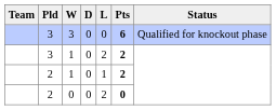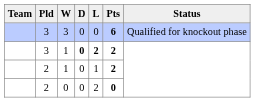 <table style=border-collapse:collapse border=1 cellspacing=0 cellpadding=5>
 <tr align=center bgcolor=#efefef>
 <th>Team</th>
 <th>Pld</th>
 <th>W</th>
 <th>D</th>
 <th>L</th>
 <th>Pts</th>
 <th>Status</th>
 </tr>
 <tr align=center style="background:#bbccff;">
 <td style="text-align:left;"> </td>
 <td>3</td>
 <td>3</td>
 <td>0</td>
 <td>0</td>
 <td><strong>6</strong></td>
 <td rowspan=1>Qualified for knockout phase</td>
 </tr>
 <tr align=center style="background:#FFFFFF;">
 <td style="text-align:left;"> </td>
 <td>3</td>
 <td>1</td>
-<td>0</td>
-<td>2</td>
+<td><strong>0</strong></td>
+<td><strong>2</strong></td>
 <td><strong>2</strong></td>
 <td rowspan=3></td>
 </tr>
 <tr align=center style="background:#FFFFFF;">
 <td style="text-align:left;"> </td>
 <td>2</td>
 <td>1</td>
 <td>0</td>
 <td>1</td>
 <td><strong>2</strong></td>
 </tr>
 <tr align=center style="background:#FFFFFF;">
 <td style="text-align:left;"> </td>
 <td>2</td>
 <td>0</td>
 <td>0</td>
 <td>2</td>
 <td><strong>0</strong></td>
 </tr>
 </table>
